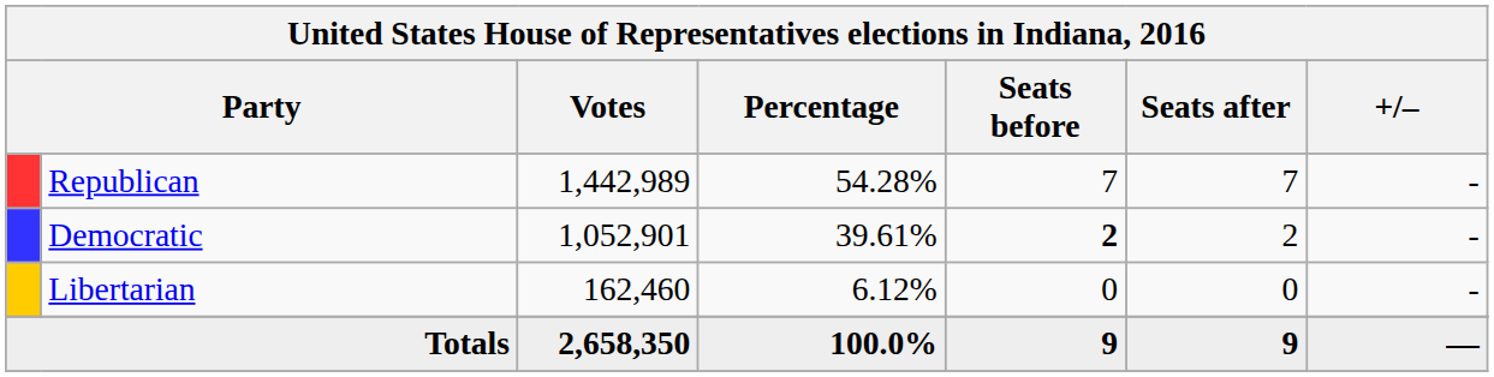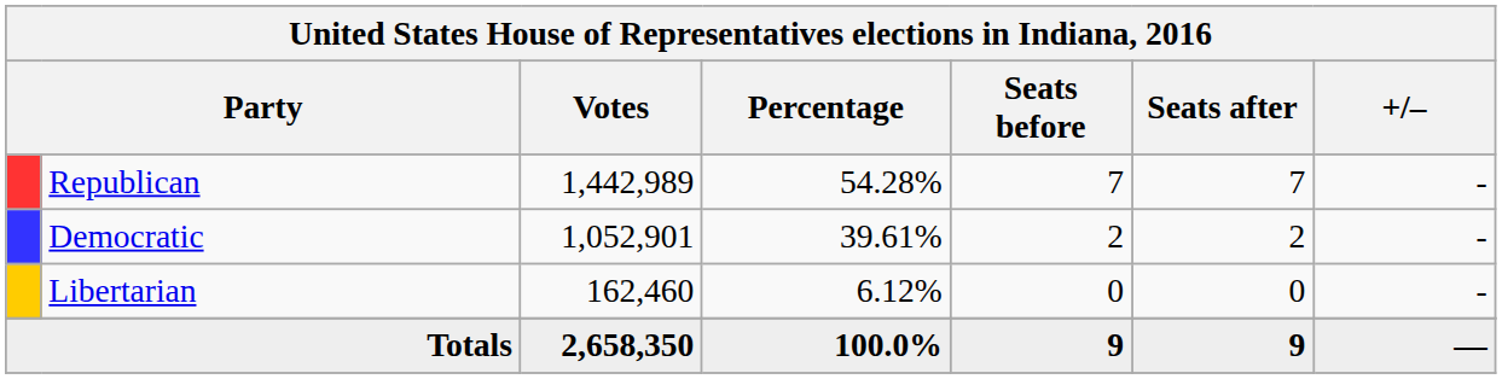 <table class="wikitable" style="font-size: 95%;">
 <tr>
 <th colspan="7">United States House of Representatives elections in Indiana, 2016</th>
 </tr>
 <tr>
 <th colspan=2 style="width: 15em">Party</th>
 <th style="width: 5em">Votes</th>
 <th style="width: 7em">Percentage</th>
 <th style="width: 5em">Seats before</th>
 <th style="width: 5em">Seats after</th>
 <th style="width: 5em">+/–</th>
 </tr>
 <tr>
 <th style="background-color:#FF3333; width: 3px"></th>
 <td style="width: 130px"><a href='#'>Republican</a></td>
 <td align="right">1,442,989</td>
 <td align="right">54.28%</td>
 <td align="right">7</td>
 <td align="right">7</td>
 <td align="right">-</td>
 </tr>
 <tr>
 <th style="background-color:#3333FF; width: 3px"></th>
 <td style="width: 130px"><a href='#'>Democratic</a></td>
 <td align="right">1,052,901</td>
 <td align="right">39.61%</td>
-<td align="right"><strong>2</strong></td>
+<td align="right">2</td>
 <td align="right">2</td>
 <td align="right">-</td>
 </tr>
 <tr>
 <th style="background-color:#FFCC00; width: 3px"></th>
 <td style="width: 130px"><a href='#'>Libertarian</a></td>
 <td align="right">162,460</td>
 <td align="right">6.12%</td>
 <td align="right">0</td>
 <td align="right">0</td>
 <td align="right">-</td>
 </tr>
 <tr>
 </tr>
 <tr bgcolor="#EEEEEE">
 <td colspan="2" align="right"><strong>Totals</strong></td>
 <td align="right"><strong>2,658,350</strong></td>
 <td align="right"><strong>100.0%</strong></td>
 <td align="right"><strong>9</strong></td>
 <td align="right"><strong>9</strong></td>
 <td align="right"><strong>—</strong></td>
 </tr>
 </table>
